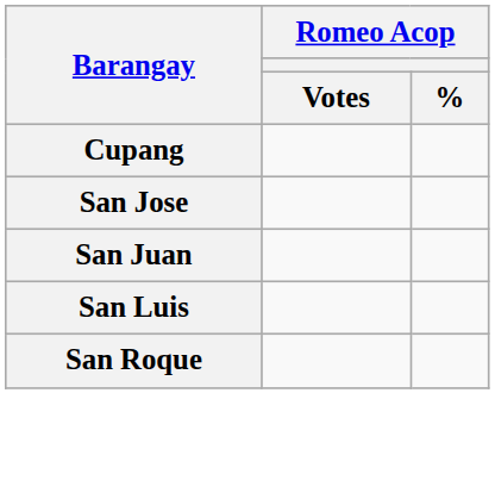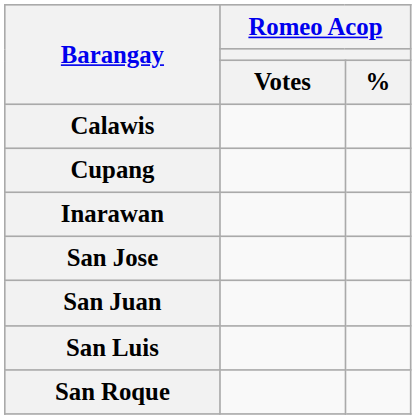 <table class="wikitable collapsible collapsed" style="text-align:right; font-size:95%; line-height:20px;">
 <tr>
 <th width="125" rowspan="3"><a href='#'>Barangay</a></th>
 <th width="110" colspan="2"><a href='#'>Romeo Acop</a></th>
 </tr>
 <tr>
 <th colspan="2" style="background:"></th>
 </tr>
 <tr>
 <th>Votes</th>
 <th>%</th>
 </tr>
 <tr>
+<th scope="row">Calawis</th>
+<td></td>
+<td></td>
+</tr>
+<tr>
 <th scope="row">Cupang</th>
+<td></td>
+<td></td>
+</tr>
+<tr>
+<th scope="row">Inarawan</th>
 <td></td>
 <td></td>
 </tr>
 <tr>
 <th scope="row">San Jose</th>
 <td></td>
 <td></td>
 </tr>
 <tr>
 <th scope="row">San Juan</th>
 <td></td>
 <td></td>
 </tr>
 <tr>
 <th scope="row">San Luis</th>
 <td></td>
 <td></td>
 </tr>
 <tr>
 <th scope="row">San Roque</th>
 <td></td>
 <td></td>
 </tr>
 </table>
